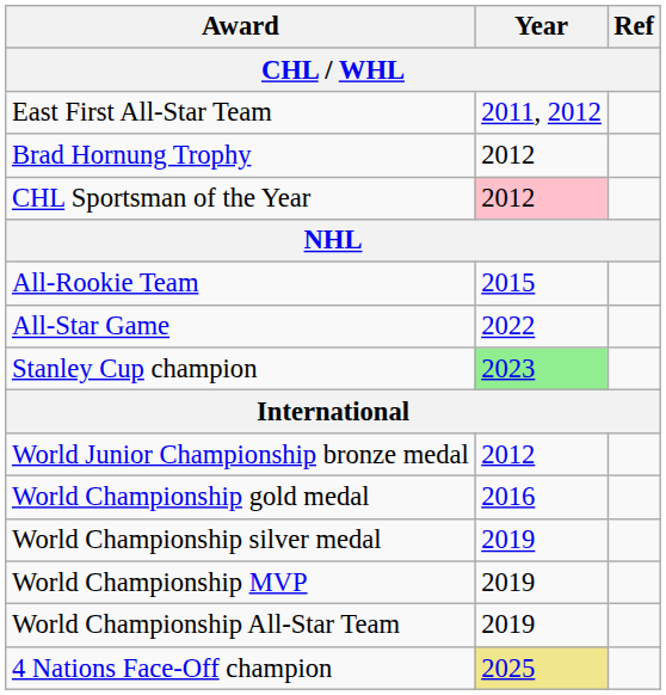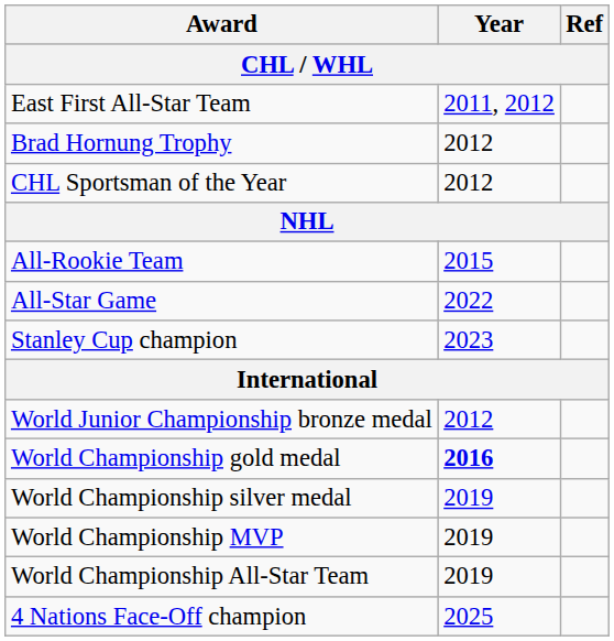 <table class="wikitable">
 <tr>
 <th>Award</th>
 <th>Year</th>
 <th>Ref</th>
 </tr>
 <tr>
 <th colspan="3"><a href='#'>CHL</a> / <a href='#'>WHL</a></th>
 </tr>
 <tr>
 <td>East First All-Star Team</td>
 <td><a href='#'>2011</a>, <a href='#'>2012</a></td>
 <td></td>
 </tr>
 <tr>
 <td><a href='#'>Brad Hornung Trophy</a></td>
 <td>2012</td>
 <td></td>
 </tr>
 <tr>
 <td><a href='#'>CHL</a> Sportsman of the Year</td>
-<td style="background: pink;">2012</td>
+<td>2012</td>
 <td></td>
 </tr>
 <tr>
 <th colspan="3"><a href='#'>NHL</a></th>
 </tr>
 <tr>
 <td><a href='#'>All-Rookie Team</a></td>
 <td><a href='#'>2015</a></td>
 <td></td>
 </tr>
 <tr>
 <td><a href='#'>All-Star Game</a></td>
 <td><a href='#'>2022</a></td>
 <td></td>
 </tr>
 <tr>
 <td><a href='#'>Stanley Cup</a> champion</td>
-<td style="background: lightgreen;"><a href='#'>2023</a></td>
+<td><a href='#'>2023</a></td>
 <td></td>
 </tr>
 <tr>
 <th colspan="3">International</th>
 </tr>
 <tr>
 <td><a href='#'>World Junior Championship</a> bronze medal</td>
 <td><a href='#'>2012</a></td>
 <td></td>
 </tr>
 <tr>
 <td><a href='#'>World Championship</a> gold medal</td>
-<td><a href='#'>2016</a></td>
+<td><strong><a href='#'>2016</a></strong></td>
 <td></td>
 </tr>
 <tr>
 <td>World Championship silver medal</td>
 <td><a href='#'>2019</a></td>
 <td></td>
 </tr>
 <tr>
 <td>World Championship <a href='#'>MVP</a></td>
 <td>2019</td>
 <td></td>
 </tr>
 <tr>
 <td>World Championship All-Star Team</td>
 <td>2019</td>
 <td></td>
 </tr>
 <tr>
 <td><a href='#'>4 Nations Face-Off</a> champion</td>
-<td style="background: khaki;"><a href='#'>2025</a></td>
+<td><a href='#'>2025</a></td>
 <td></td>
 </tr>
 </table>
